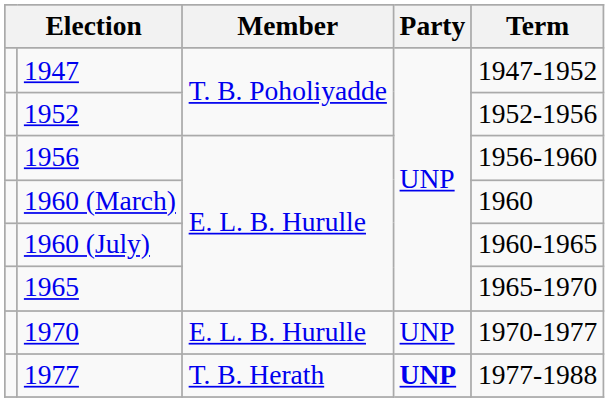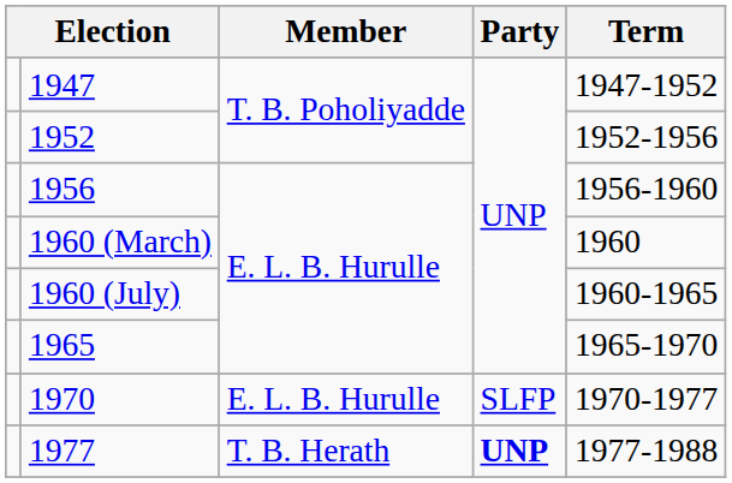 <table class="wikitable">
 <tr>
 <th colspan="2">Election</th>
 <th>Member</th>
 <th>Party</th>
 <th>Term</th>
 </tr>
 <tr>
 <td style="background-color: "></td>
 <td><a href='#'>1947</a></td>
 <td rowspan=2><a href='#'>T. B. Poholiyadde</a></td>
 <td rowspan=6><a href='#'>UNP</a></td>
 <td>1947-1952</td>
 </tr>
 <tr>
 <td style="background-color: "></td>
 <td><a href='#'>1952</a></td>
 <td>1952-1956</td>
 </tr>
 <tr>
 <td style="background-color: "></td>
 <td><a href='#'>1956</a></td>
 <td rowspan=4><a href='#'>E. L. B. Hurulle</a></td>
 <td>1956-1960</td>
 </tr>
 <tr>
 <td style="background-color: "></td>
 <td><a href='#'>1960 (March)</a></td>
 <td>1960</td>
 </tr>
 <tr>
 <td style="background-color: "></td>
 <td><a href='#'>1960 (July)</a></td>
 <td>1960-1965</td>
 </tr>
 <tr>
 <td style="background-color: "></td>
 <td><a href='#'>1965</a></td>
 <td>1965-1970</td>
 </tr>
 <tr>
 <td style="background-color: "></td>
 <td><a href='#'>1970</a></td>
 <td><a href='#'>E. L. B. Hurulle</a></td>
-<td><a href='#'>UNP</a></td>
+<td><a href='#'>SLFP</a></td>
 <td>1970-1977</td>
 </tr>
 <tr>
 <td style="background-color: "></td>
 <td><a href='#'>1977</a></td>
 <td><a href='#'>T. B. Herath</a></td>
 <td><strong><a href='#'>UNP</a></strong></td>
 <td>1977-1988</td>
 </tr>
 </table>
